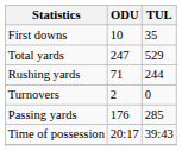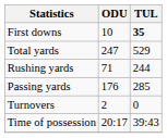 <table class="wikitable">
 <tr>
 <th>Statistics</th>
 <th>ODU</th>
 <th>TUL</th>
 </tr>
 <tr>
 <td>First downs</td>
 <td>10</td>
-<td>35</td>
+<td><strong>35</strong></td>
 </tr>
 <tr>
 <td>Total yards</td>
 <td>247</td>
 <td>529</td>
 </tr>
 <tr>
 <td>Rushing yards</td>
 <td>71</td>
 <td>244</td>
 </tr>
 <tr>
+<td>Passing yards</td>
+<td>176</td>
+<td>285</td>
+</tr>
+<tr>
 <td>Turnovers</td>
 <td>2</td>
 <td>0</td>
-</tr>
-<tr>
-<td>Passing yards</td>
-<td>176</td>
-<td>285</td>
 </tr>
 <tr>
 <td>Time of possession</td>
 <td>20:17</td>
 <td>39:43</td>
 </tr>
 <tr>
 </tr>
 </table>
